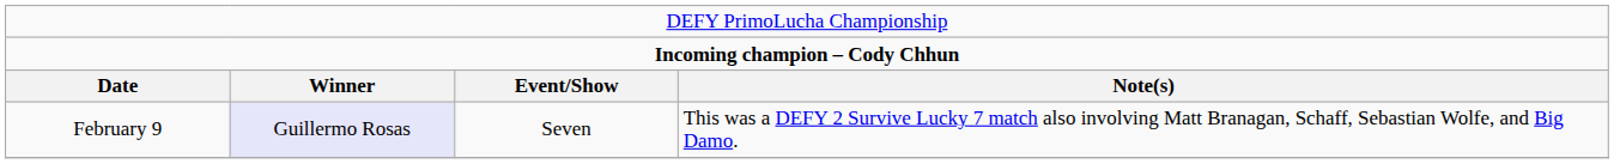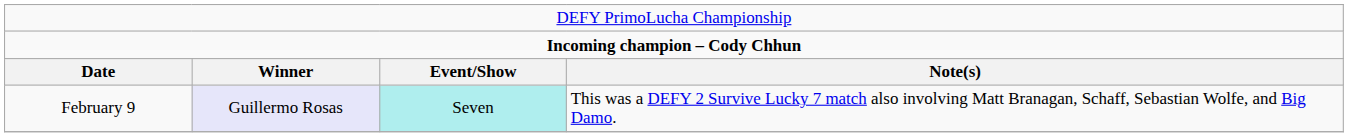 <table class="wikitable" style="text-align:center; width:100%;">
 <tr>
 <td colspan="4" style="text-align: center;"><a href='#'>DEFY PrimoLucha Championship</a></td>
 </tr>
 <tr>
 <td colspan="4" style="text-align: center;"><strong>Incoming champion – Cody Chhun</strong></td>
 </tr>
 <tr>
 <th width=14%>Date</th>
 <th width=14%>Winner</th>
 <th width=14%>Event/Show</th>
 <th width=58%>Note(s)</th>
 </tr>
 <tr>
 <td>February 9</td>
 <td style="background: lavender;">Guillermo Rosas</td>
-<td>Seven</td>
+<td style="background: paleturquoise;">Seven</td>
 <td align=left>This was a <a href='#'>DEFY 2 Survive Lucky 7 match</a> also involving Matt Branagan, Schaff, Sebastian Wolfe, and <a href='#'>Big Damo</a>.</td>
 </tr>
 <tr>
 </tr>
 </table>
